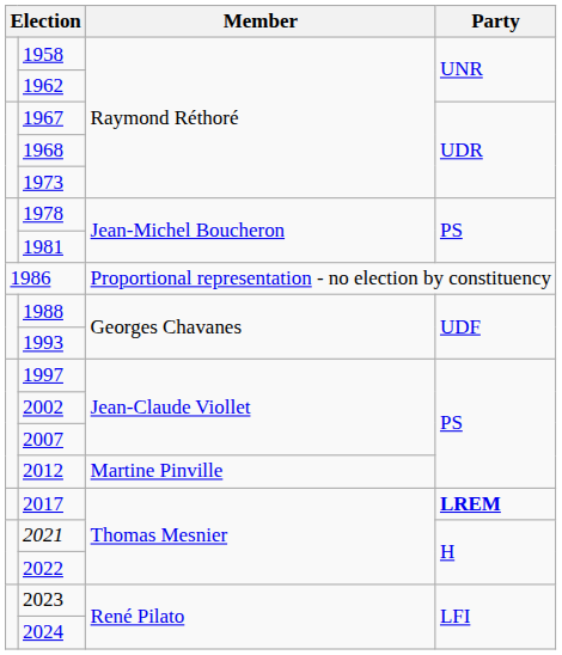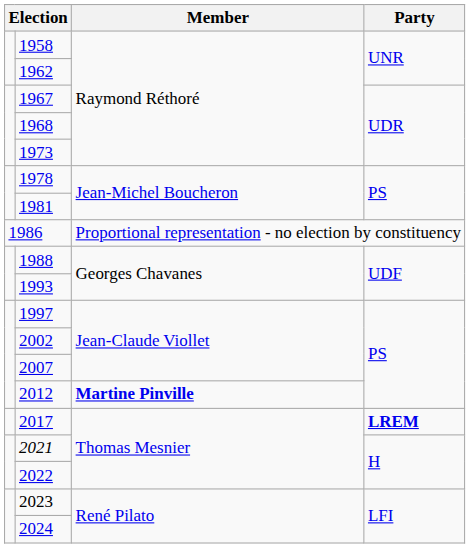 <table class="wikitable">
 <tr>
 <th colspan="2">Election</th>
 <th>Member</th>
 <th>Party</th>
 </tr>
 <tr>
 <td rowspan="2" style="color:inherit;background-color: "></td>
 <td><a href='#'>1958</a></td>
 <td rowspan="5">Raymond Réthoré</td>
 <td rowspan="2"><a href='#'>UNR</a></td>
 </tr>
 <tr>
 <td><a href='#'>1962</a></td>
 </tr>
 <tr>
 <td rowspan="3" style="color:inherit;background-color: "></td>
 <td><a href='#'>1967</a></td>
 <td rowspan="3"><a href='#'>UDR</a></td>
 </tr>
 <tr>
 <td><a href='#'>1968</a></td>
 </tr>
 <tr>
 <td><a href='#'>1973</a></td>
 </tr>
 <tr>
 <td rowspan="2" style="color:inherit;background-color: "></td>
 <td><a href='#'>1978</a></td>
 <td rowspan="2"><a href='#'>Jean-Michel Boucheron</a></td>
 <td rowspan="2"><a href='#'>PS</a></td>
 </tr>
 <tr>
 <td><a href='#'>1981</a></td>
 </tr>
 <tr>
 <td colspan="2"><a href='#'>1986</a></td>
 <td colspan="2"><a href='#'>Proportional representation</a> - no election by constituency</td>
 </tr>
 <tr>
 <td rowspan=2 style="color:inherit;background-color: "></td>
 <td><a href='#'>1988</a></td>
 <td rowspan=2>Georges Chavanes</td>
 <td rowspan=2><a href='#'>UDF</a></td>
 </tr>
 <tr>
 <td><a href='#'>1993</a></td>
 </tr>
 <tr>
 <td rowspan="4" style="color:inherit;background-color: "></td>
 <td><a href='#'>1997</a></td>
 <td rowspan=3><a href='#'>Jean-Claude Viollet</a></td>
 <td rowspan="4"><a href='#'>PS</a></td>
 </tr>
 <tr>
 <td><a href='#'>2002</a></td>
 </tr>
 <tr>
 <td><a href='#'>2007</a></td>
 </tr>
 <tr>
 <td><a href='#'>2012</a></td>
-<td><a href='#'>Martine Pinville</a></td>
+<td><strong><a href='#'>Martine Pinville</a></strong></td>
 </tr>
 <tr>
 <td style="color:inherit;background-color: "></td>
 <td><a href='#'>2017</a></td>
 <td rowspan="3"><a href='#'>Thomas Mesnier</a></td>
 <td><strong><a href='#'>LREM</a></strong></td>
 </tr>
 <tr>
 <td rowspan="2" style="color:inherit;background-color: "></td>
 <td><em>2021</em></td>
 <td rowspan="2"><a href='#'>H</a></td>
 </tr>
 <tr>
 <td><a href='#'>2022</a></td>
 </tr>
 <tr>
 <td rowspan="2" style="color:inherit;background-color: "></td>
 <td>2023</td>
 <td rowspan="2"><a href='#'>René Pilato</a></td>
 <td rowspan="2"><a href='#'>LFI</a></td>
 </tr>
 <tr>
 <td><a href='#'>2024</a></td>
 </tr>
 </table>
